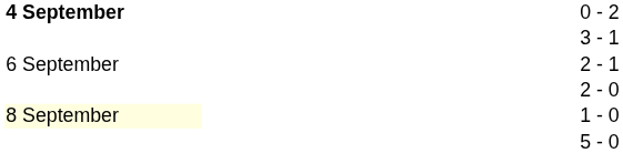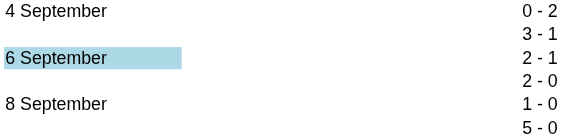 <table cellspacing=1 width=85%>
 <tr>
 <th width=15%></th>
 <th width=25%></th>
 <th width=10%></th>
 <th width=25%></th>
 <th width=25%></th>
 </tr>
 <tr>
-<td><strong>4 September</strong></td>
+<td>4 September</td>
 <td align=right></td>
 <td align=center>0 - 2</td>
 <td></td>
 </tr>
 <tr>
 <td></td>
 <td align=right></td>
 <td align=center>3 - 1</td>
 <td></td>
 </tr>
 <tr>
-<td>6 September</td>
+<td style="background: lightblue;">6 September</td>
 <td align=right></td>
 <td align=center>2 - 1</td>
 <td></td>
 </tr>
 <tr>
 <td></td>
 <td align=right></td>
 <td align=center>2 - 0</td>
 <td></td>
 </tr>
 <tr>
-<td style="background: lightyellow;">8 September</td>
+<td>8 September</td>
 <td align=right></td>
 <td align=center>1 - 0</td>
 <td></td>
 </tr>
 <tr>
 <td></td>
 <td align=right></td>
 <td align=center>5 - 0</td>
 <td></td>
 </tr>
 </table>
